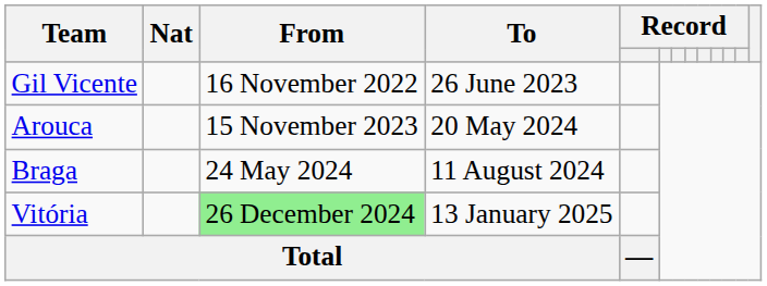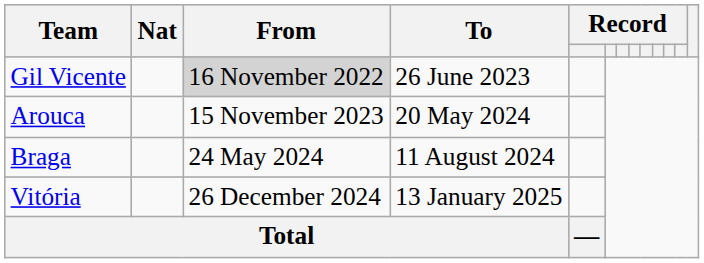 <table class="wikitable" style="text-align: center">
 <tr>
 <th rowspan="2">Team</th>
 <th rowspan="2">Nat</th>
 <th rowspan="2">From</th>
 <th rowspan="2">To</th>
 <th colspan="8">Record</th>
 <th rowspan=2></th>
 </tr>
 <tr>
 <th></th>
 <th></th>
 <th></th>
 <th></th>
 <th></th>
 <th></th>
 <th></th>
 <th></th>
 </tr>
 <tr>
 <td align=left><a href='#'>Gil Vicente</a></td>
 <td></td>
-<td align=left>16 November 2022</td>
+<td align=left style="background: lightgrey;">16 November 2022</td>
 <td align=left>26 June 2023<br></td>
 <td></td>
 </tr>
 <tr>
 <td align=left><a href='#'>Arouca</a></td>
 <td></td>
 <td align=left>15 November 2023</td>
 <td align=left>20 May 2024<br></td>
 <td></td>
 </tr>
 <tr>
 <td align=left><a href='#'>Braga</a></td>
 <td></td>
 <td align=left>24 May 2024</td>
 <td align=left>11 August 2024<br></td>
 <td></td>
 </tr>
 <tr>
 <td align=left><a href='#'>Vitória</a></td>
 <td></td>
-<td align=left style="background: lightgreen;">26 December 2024</td>
+<td align=left>26 December 2024</td>
 <td align=left>13 January 2025<br></td>
 <td></td>
 </tr>
 <tr>
 <th colspan="4">Total<br></th>
 <th>—</th>
 </tr>
 </table>
